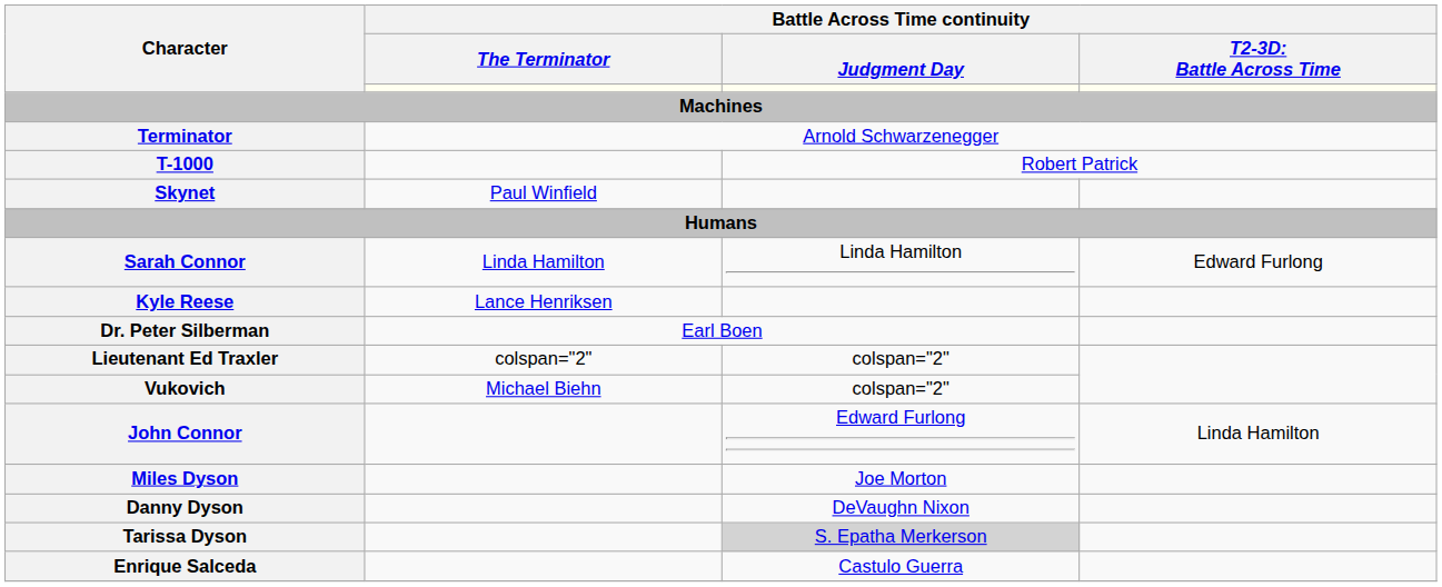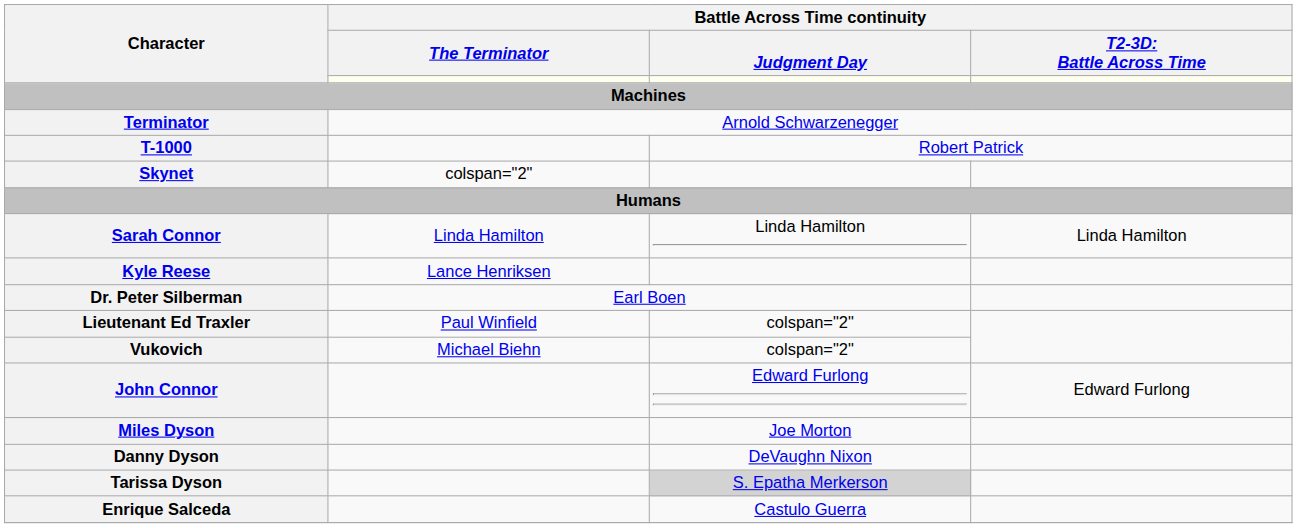 <table class="wikitable" style="text-align:center; width:99%; ">
 <tr>
 <th rowspan="3" style="width:15.1%;">Character</th>
 <th colspan="3" style="text-align:center;">Battle Across Time continuity</th>
 </tr>
 <tr>
 <th style="text-align:center; width:15%;"><em><a href='#'>The Terminator</a></em></th>
 <th style="text-align:center; width:15%;"><em><a href='#'><br>Judgment Day</a></em></th>
 <th style="text-align:center; width:15%;"><em><a href='#'>T2-3D:<br>Battle Across Time</a></em></th>
 </tr>
 <tr>
 <td style="background:ivory;"></td>
 <td style="background:ivory;"></td>
 <td style="background:ivory;"></td>
 </tr>
 <tr>
 <th colspan="4" style="background-color:silver;"><strong>Machines</strong></th>
 </tr>
 <tr>
 <th><a href='#'>Terminator<br></a></th>
 <td colspan="3"><a href='#'>Arnold Schwarzenegger</a></td>
 </tr>
 <tr>
 <th><a href='#'>T-1000</a></th>
 <td></td>
 <td colspan="2"><a href='#'>Robert Patrick</a></td>
 </tr>
 <tr>
 <th><a href='#'>Skynet</a></th>
-<td><a href='#'>Paul Winfield</a></td>
+<td>colspan="2" </td>
 <td></td>
 </tr>
 <tr>
 <th colspan="10" style="background-color:silver;"><strong>Humans</strong></th>
 </tr>
 <tr>
 <th><a href='#'>Sarah Connor</a></th>
 <td><a href='#'>Linda Hamilton</a></td>
 <td>Linda Hamilton<hr></td>
-<td>Edward Furlong</td>
+<td>Linda Hamilton</td>
 </tr>
 <tr>
 <th><a href='#'>Kyle Reese</a></th>
 <td><a href='#'>Lance Henriksen</a></td>
 <td></td>
 <td></td>
 </tr>
 <tr>
 <th>Dr. Peter Silberman</th>
 <td colspan="2"><a href='#'>Earl Boen</a></td>
 <td></td>
 </tr>
 <tr>
 <th>Lieutenant Ed Traxler</th>
-<td>colspan="2" </td>
+<td><a href='#'>Paul Winfield</a></td>
 <td>colspan="2" </td>
 </tr>
 <tr>
 <th>Vukovich</th>
 <td><a href='#'>Michael Biehn</a></td>
 <td>colspan="2" </td>
 </tr>
 <tr>
 <th><a href='#'>John Connor</a></th>
 <td></td>
 <td><a href='#'>Edward Furlong</a><hr><hr></td>
-<td>Linda Hamilton</td>
+<td>Edward Furlong</td>
 </tr>
 <tr>
 <th><a href='#'>Miles Dyson</a></th>
 <td></td>
 <td><a href='#'>Joe Morton</a></td>
 <td></td>
 </tr>
 <tr>
 <th>Danny Dyson</th>
 <td></td>
 <td><a href='#'>DeVaughn Nixon</a></td>
 <td></td>
 </tr>
 <tr>
 <th>Tarissa Dyson</th>
 <td></td>
 <td style="background: lightgrey;"><a href='#'>S. Epatha Merkerson</a></td>
 <td></td>
 </tr>
 <tr>
 <th>Enrique Salceda</th>
 <td></td>
 <td><a href='#'>Castulo Guerra</a></td>
 <td></td>
 </tr>
 <tr>
 </tr>
 </table>
